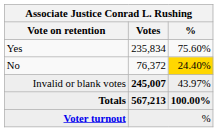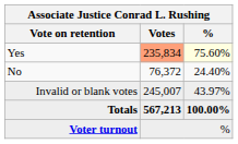 <table class="wikitable" style="font-size: 95%;">
 <tr style="background-color:#E9E9E9">
 <th colspan=7>Associate Justice Conrad L. Rushing</th>
 </tr>
 <tr style="background-color:#E9E9E9">
 <th style="width: 170px">Vote on retention</th>
 <th style="width: 50px">Votes</th>
 <th style="width: 40px">%</th>
 </tr>
 <tr>
 <td>Yes</td>
-<td align="right">235,834</td>
-<td align="right">75.60%</td>
+<td align="right" style="background: lightsalmon;">235,834</td>
+<td align="right" style="background: lightyellow;">75.60%</td>
 </tr>
 <tr>
 <td>No</td>
 <td align="right">76,372</td>
-<td align="right" style="background: gold;">24.40%</td>
+<td align="right">24.40%</td>
 </tr>
 <tr bgcolor="#EEEEEE">
 <td align="right">Invalid or blank votes</td>
-<td align="right"><strong>245,007</strong></td>
+<td align="right">245,007</td>
 <td align="right">43.97%</td>
 </tr>
 <tr bgcolor="#EEEEEE">
 <td align="right"><strong>Totals</strong></td>
 <td align="right"><strong>567,213</strong></td>
 <td align="right"><strong>100.00%</strong></td>
 </tr>
 <tr bgcolor="#EEEEEE">
 <td align="right"><strong><a href='#'>Voter turnout</a></strong></td>
 <td colspan="2" align="right">%</td>
 </tr>
 </table>
